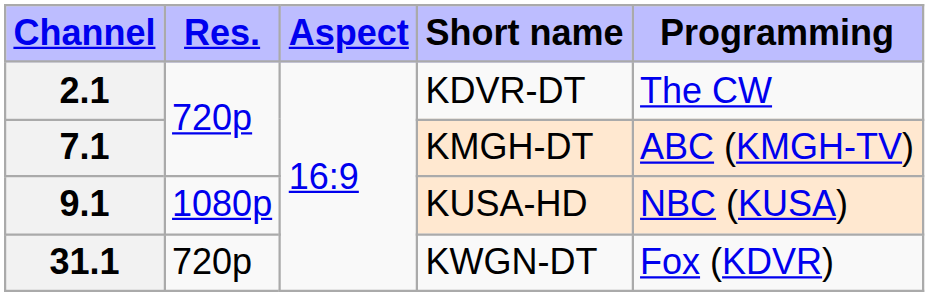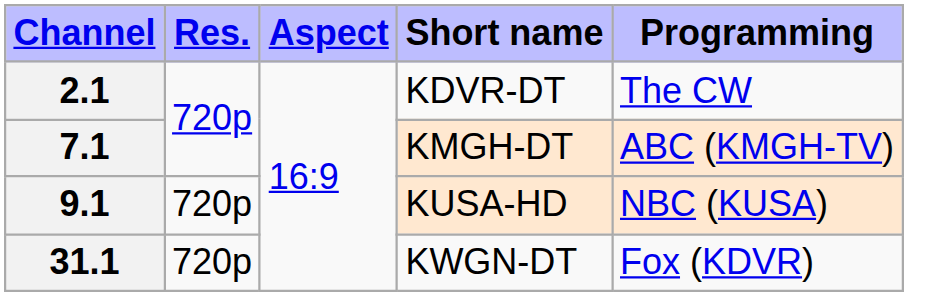 <table class="wikitable">
 <tr>
 <th style="background-color: #bdbdff" scope = "col"><a href='#'>Channel</a></th>
 <th style="background-color: #bdbdff" scope = "col"><a href='#'>Res.</a></th>
 <th style="background-color: #bdbdff" scope = "col"><a href='#'>Aspect</a></th>
 <th style="background-color: #bdbdff" scope = "col">Short name</th>
 <th style="background-color: #bdbdff" scope = "col">Programming</th>
 </tr>
 <tr>
 <th scope = "row">2.1</th>
 <td rowspan=2><a href='#'>720p</a></td>
 <td rowspan=4><a href='#'>16:9</a></td>
 <td>KDVR-DT</td>
 <td><a href='#'>The CW</a></td>
 </tr>
 <tr>
 <th scope = "row">7.1</th>
 <td style="background-color:#ffe8d0">KMGH-DT</td>
 <td style="background-color:#ffe8d0"><a href='#'>ABC</a> (<a href='#'>KMGH-TV</a>) </td>
 </tr>
 <tr>
 <th scope = "row">9.1</th>
-<td><a href='#'>1080p</a></td>
+<td>720p</td>
 <td style="background-color:#ffe8d0">KUSA-HD</td>
 <td style="background-color:#ffe8d0"><a href='#'>NBC</a> (<a href='#'>KUSA</a>) </td>
 </tr>
 <tr>
 <th scope = "row">31.1</th>
 <td>720p</td>
 <td>KWGN-DT</td>
 <td><a href='#'>Fox</a> (<a href='#'>KDVR</a>)</td>
 </tr>
 </table>
